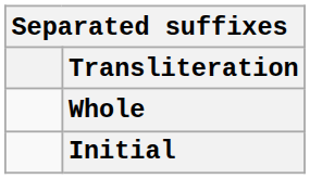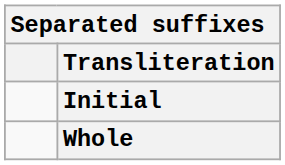 <table class="wikitable" style="text-align: center; display: inline-table;">
 <tr>
 <th colspan="2" style="text-align: left">Separated suffixes</th>
 </tr>
 <tr>
 <th style="min-width: 1.75em"></th>
 <th style="text-align: left">Transliteration</th>
 </tr>
 <tr>
+<td></td>
+<th style="text-align: left">Initial</th>
+</tr>
+<tr>
 <td> </td>
 <th style="text-align: left">Whole</th>
 </tr>
-<tr>
-<td></td>
-<th style="text-align: left">Initial</th>
-</tr>
 </table>
